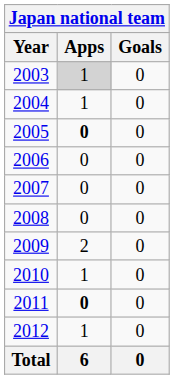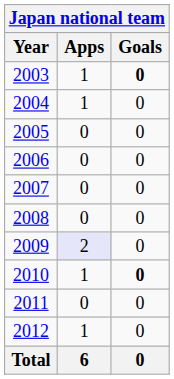 <table class="wikitable" style="text-align:center">
 <tr>
 <th colspan=3><a href='#'>Japan national team</a></th>
 </tr>
 <tr>
 <th>Year</th>
 <th>Apps</th>
 <th>Goals</th>
 </tr>
 <tr>
 <td><a href='#'>2003</a></td>
-<td style="background: lightgrey;">1</td>
-<td>0</td>
+<td>1</td>
+<td><strong>0</strong></td>
 </tr>
 <tr>
 <td><a href='#'>2004</a></td>
 <td>1</td>
 <td>0</td>
 </tr>
 <tr>
 <td><a href='#'>2005</a></td>
-<td><strong>0</strong></td>
+<td>0</td>
 <td>0</td>
 </tr>
 <tr>
 <td><a href='#'>2006</a></td>
 <td>0</td>
 <td>0</td>
 </tr>
 <tr>
 <td><a href='#'>2007</a></td>
 <td>0</td>
 <td>0</td>
 </tr>
 <tr>
 <td><a href='#'>2008</a></td>
 <td>0</td>
 <td>0</td>
 </tr>
 <tr>
 <td><a href='#'>2009</a></td>
-<td>2</td>
+<td style="background: lavender;">2</td>
 <td>0</td>
 </tr>
 <tr>
 <td><a href='#'>2010</a></td>
 <td>1</td>
-<td>0</td>
+<td><strong>0</strong></td>
 </tr>
 <tr>
 <td><a href='#'>2011</a></td>
-<td><strong>0</strong></td>
+<td>0</td>
 <td>0</td>
 </tr>
 <tr>
 <td><a href='#'>2012</a></td>
 <td>1</td>
 <td>0</td>
 </tr>
 <tr>
 <th>Total</th>
 <th>6</th>
 <th>0</th>
 </tr>
 </table>
